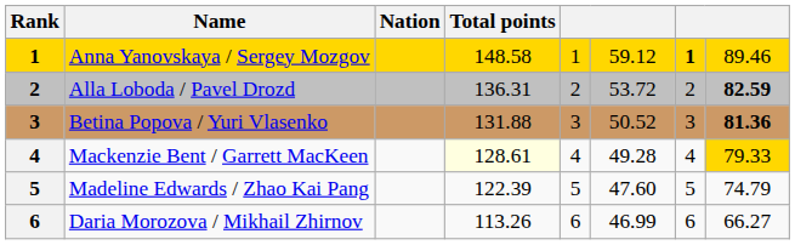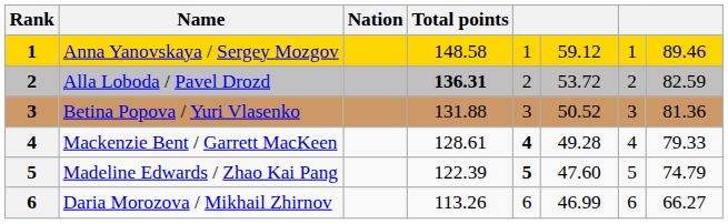 <table class="wikitable sortable">
 <tr>
 <th>Rank</th>
 <th>Name</th>
 <th>Nation</th>
 <th>Total points</th>
 <th colspan="2" width="80px"></th>
 <th colspan="2" width="80px"></th>
 </tr>
 <tr bgcolor="gold">
 <td align="center"><strong>1</strong></td>
 <td><a href='#'>Anna Yanovskaya</a> / <a href='#'>Sergey Mozgov</a></td>
 <td></td>
 <td align="center">148.58</td>
 <td align="center">1</td>
 <td align="center">59.12</td>
-<td align="center"><strong>1</strong></td>
+<td align="center">1</td>
 <td align="center">89.46</td>
 </tr>
 <tr bgcolor="silver">
 <td align="center"><strong>2</strong></td>
 <td><a href='#'>Alla Loboda</a> / <a href='#'>Pavel Drozd</a></td>
 <td></td>
-<td align="center">136.31</td>
+<td align="center"><strong>136.31</strong></td>
 <td align="center">2</td>
 <td align="center">53.72</td>
 <td align="center">2</td>
-<td align="center"><strong>82.59</strong></td>
+<td align="center">82.59</td>
 </tr>
 <tr bgcolor="cc9966">
 <td align="center"><strong>3</strong></td>
 <td><a href='#'>Betina Popova</a> / <a href='#'>Yuri Vlasenko</a></td>
 <td></td>
 <td align="center">131.88</td>
 <td align="center">3</td>
 <td align="center">50.52</td>
 <td align="center">3</td>
-<td align="center"><strong>81.36</strong></td>
+<td align="center">81.36</td>
 </tr>
 <tr>
 <th>4</th>
 <td><a href='#'>Mackenzie Bent</a> / <a href='#'>Garrett MacKeen</a></td>
 <td></td>
-<td align="center" style="background: lightyellow;">128.61</td>
-<td align="center">4</td>
+<td align="center">128.61</td>
+<td align="center"><strong>4</strong></td>
 <td align="center">49.28</td>
 <td align="center">4</td>
-<td align="center" style="background: gold;">79.33</td>
+<td align="center">79.33</td>
 </tr>
 <tr>
 <th>5</th>
 <td><a href='#'>Madeline Edwards</a> / <a href='#'>Zhao Kai Pang</a></td>
 <td></td>
 <td align="center">122.39</td>
-<td align="center">5</td>
+<td align="center"><strong>5</strong></td>
 <td align="center">47.60</td>
 <td align="center">5</td>
 <td align="center">74.79</td>
 </tr>
 <tr>
 <th>6</th>
 <td><a href='#'>Daria Morozova</a> / <a href='#'>Mikhail Zhirnov</a></td>
 <td></td>
 <td align="center">113.26</td>
 <td align="center">6</td>
 <td align="center">46.99</td>
 <td align="center">6</td>
 <td align="center">66.27</td>
 </tr>
 </table>
